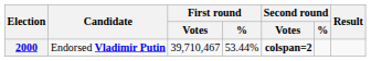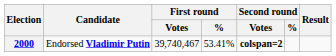 <table class=wikitable style=text-align:right>
 <tr>
 <th rowspan="2">Election</th>
 <th rowspan="2">Candidate</th>
 <th colspan="2" scope="col">First round</th>
 <th colspan="2">Second round</th>
 <th rowspan="2">Result</th>
 </tr>
 <tr>
 <th>Votes</th>
 <th>%</th>
 <th>Votes</th>
 <th>%</th>
 </tr>
 <tr>
 <th><a href='#'>2000</a></th>
 <td align=left>Endorsed   <strong><a href='#'>Vladimir Putin</a></strong></td>
-<td>39,710,467</td>
-<td>53.44%</td>
+<td>39,740,467</td>
+<td>53.41%</td>
 <td><strong>colspan=2 </strong></td>
 <td></td>
 </tr>
 </table>
